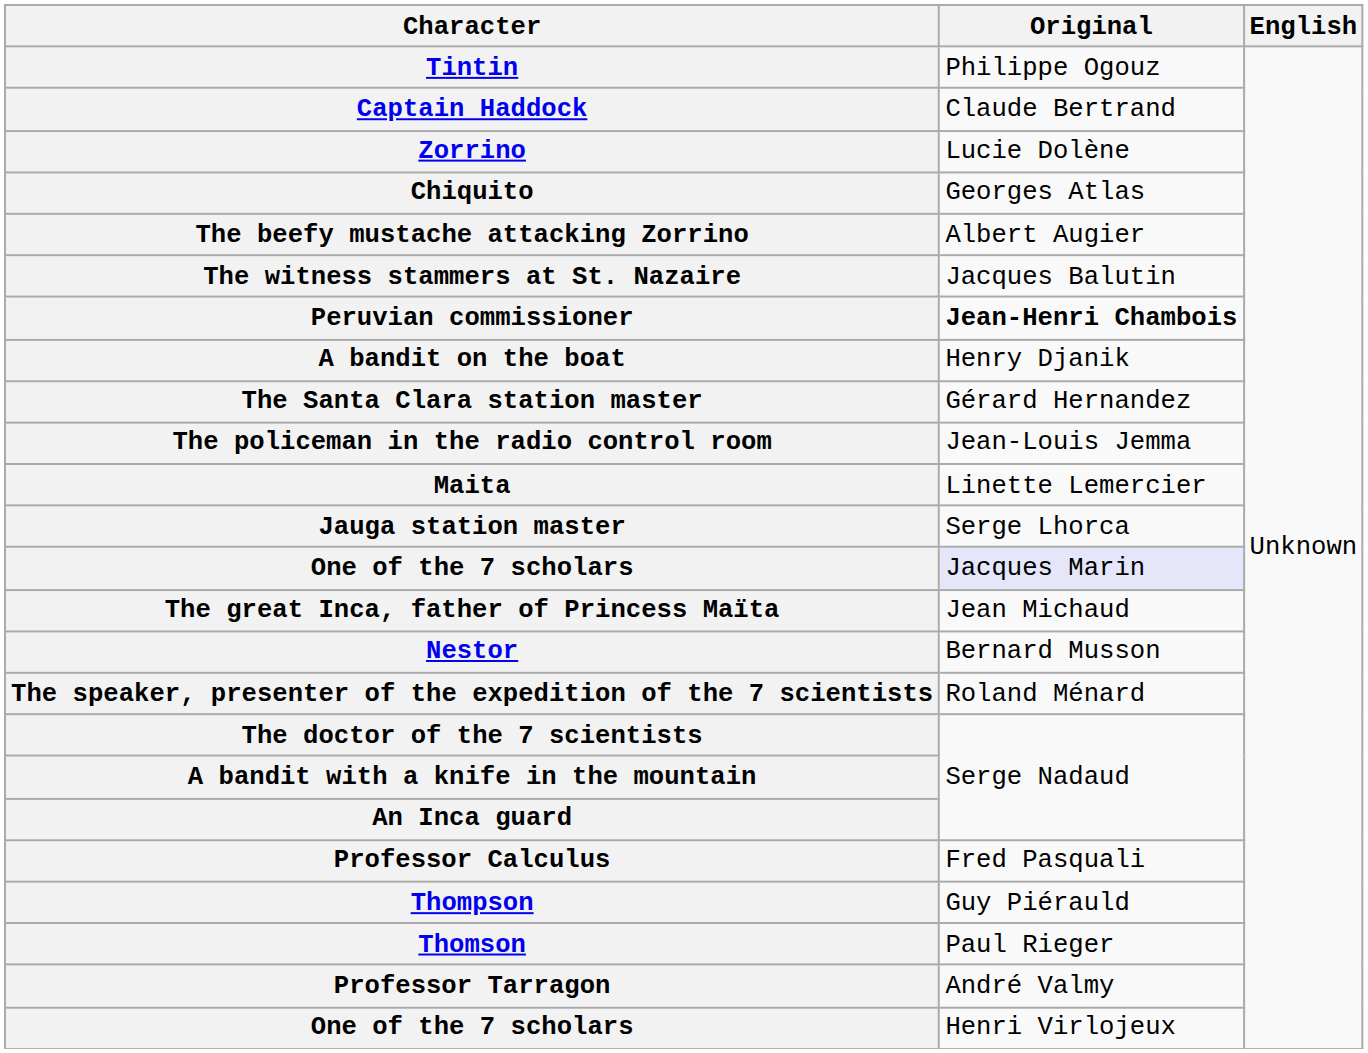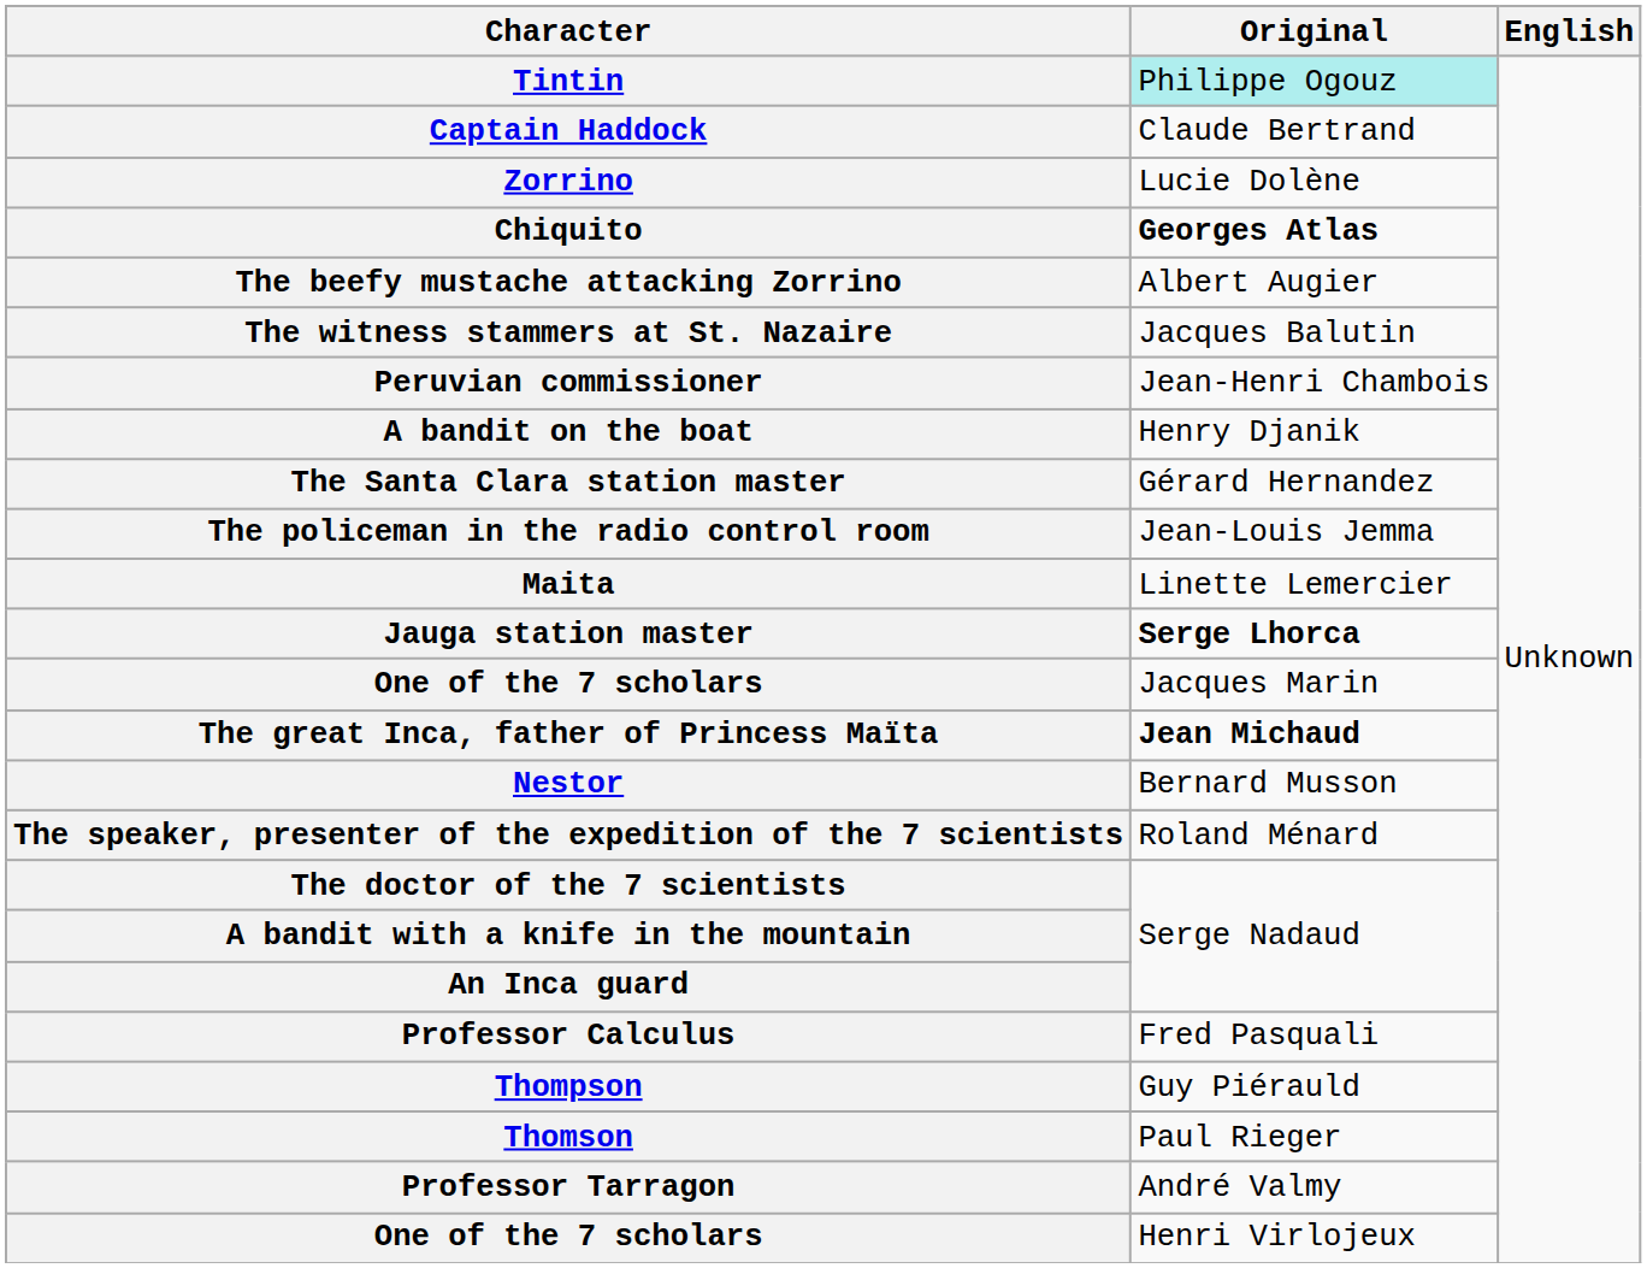 <table class="wikitable">
 <tr>
 <th>Character</th>
 <th>Original</th>
 <th>English</th>
 </tr>
 <tr>
 <th><a href='#'>Tintin</a></th>
-<td>Philippe Ogouz</td>
+<td style="background: paleturquoise;">Philippe Ogouz</td>
 <td rowspan="24">Unknown</td>
 </tr>
 <tr>
 <th><a href='#'>Captain Haddock</a></th>
 <td>Claude Bertrand</td>
 </tr>
 <tr>
 <th><a href='#'>Zorrino</a></th>
 <td>Lucie Dolène</td>
 </tr>
 <tr>
 <th>Chiquito</th>
-<td>Georges Atlas</td>
+<td><strong>Georges Atlas</strong></td>
 </tr>
 <tr>
 <th>The beefy mustache attacking Zorrino</th>
 <td>Albert Augier</td>
 </tr>
 <tr>
 <th>The witness stammers at St. Nazaire</th>
 <td>Jacques Balutin</td>
 </tr>
 <tr>
 <th>Peruvian commissioner</th>
-<td><strong>Jean-Henri Chambois</strong></td>
+<td>Jean-Henri Chambois</td>
 </tr>
 <tr>
 <th>A bandit on the boat</th>
 <td>Henry Djanik</td>
 </tr>
 <tr>
 <th>The Santa Clara station master</th>
 <td>Gérard Hernandez</td>
 </tr>
 <tr>
 <th>The policeman in the radio control room</th>
 <td>Jean-Louis Jemma</td>
 </tr>
 <tr>
 <th>Maita</th>
 <td>Linette Lemercier</td>
 </tr>
 <tr>
 <th>Jauga station master</th>
-<td>Serge Lhorca</td>
+<td><strong>Serge Lhorca</strong></td>
 </tr>
 <tr>
 <th>One of the 7 scholars</th>
-<td style="background: lavender;">Jacques Marin</td>
+<td>Jacques Marin</td>
 </tr>
 <tr>
 <th>The great Inca, father of Princess Maïta</th>
-<td>Jean Michaud</td>
+<td><strong>Jean Michaud</strong></td>
 </tr>
 <tr>
 <th><a href='#'>Nestor</a></th>
 <td>Bernard Musson</td>
 </tr>
 <tr>
 <th>The speaker, presenter of the expedition of the 7 scientists</th>
 <td>Roland Ménard</td>
 </tr>
 <tr>
 <th>The doctor of the 7 scientists</th>
 <td rowspan="3">Serge Nadaud</td>
 </tr>
 <tr>
 <th>A bandit with a knife in the mountain</th>
 </tr>
 <tr>
 <th>An Inca guard</th>
 </tr>
 <tr>
 <th>Professor Calculus</th>
 <td>Fred Pasquali</td>
 </tr>
 <tr>
 <th><a href='#'>Thompson</a></th>
 <td>Guy Piérauld</td>
 </tr>
 <tr>
 <th><a href='#'>Thomson</a></th>
 <td>Paul Rieger</td>
 </tr>
 <tr>
 <th>Professor Tarragon</th>
 <td>André Valmy</td>
 </tr>
 <tr>
 <th>One of the 7 scholars</th>
 <td>Henri Virlojeux</td>
 </tr>
 </table>
